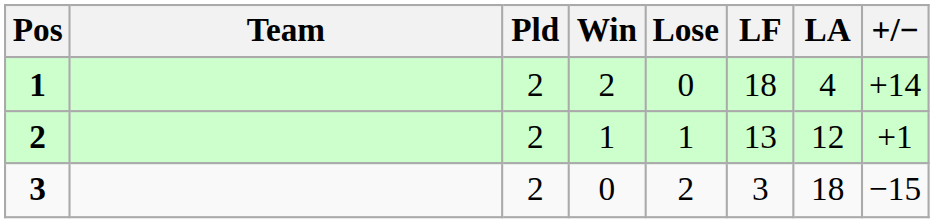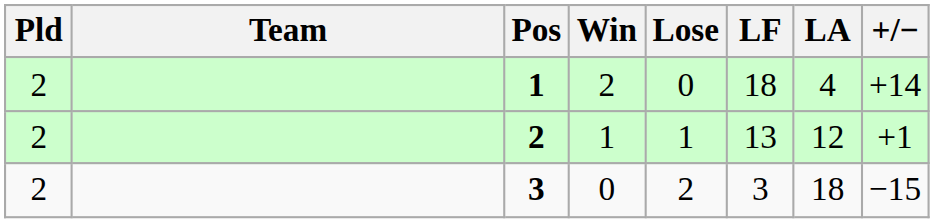 <table class="wikitable" style="font-size: 100%">
 <tr>
+<th width=25>Pld</th>
+<th width=200>Team</th>
 <th width=20>Pos</th>
-<th width=200>Team</th>
-<th width=25>Pld</th>
 <th width=25>Win</th>
 <th width=25>Lose</th>
 <th width=25>LF</th>
 <th width=25>LA</th>
 <th width=25>+/−</th>
 </tr>
 <tr align=center style="background: #ccffcc;">
+<td>2</td>
+<td align="left"></td>
 <td><strong>1</strong></td>
-<td align="left"></td>
-<td>2</td>
 <td>2</td>
 <td>0</td>
 <td>18</td>
 <td>4</td>
 <td>+14</td>
 </tr>
 <tr align=center style="background: #ccffcc;">
+<td>2</td>
+<td align="left"></td>
 <td><strong>2</strong></td>
-<td align="left"></td>
-<td>2</td>
 <td>1</td>
 <td>1</td>
 <td>13</td>
 <td>12</td>
 <td>+1</td>
 </tr>
 <tr align=center>
+<td>2</td>
+<td align="left"></td>
 <td><strong>3</strong></td>
-<td align="left"></td>
-<td>2</td>
 <td>0</td>
 <td>2</td>
 <td>3</td>
 <td>18</td>
 <td>−15</td>
 </tr>
 </table>
